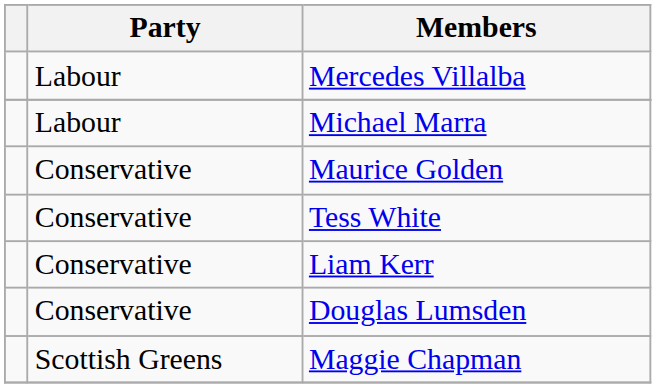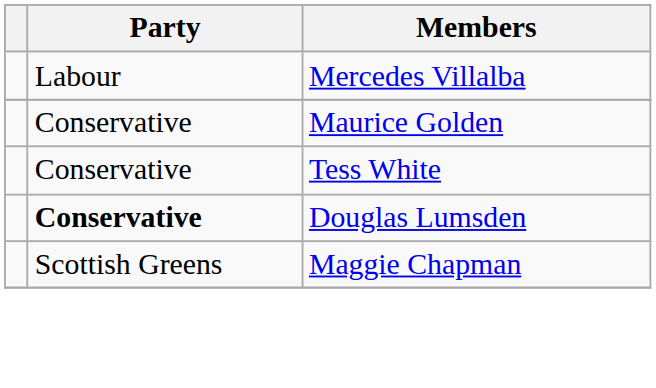 <table class="wikitable">
 <tr>
 <th width="5"></th>
 <th width="140">Party</th>
 <th width="180">Members</th>
 </tr>
 <tr>
 <td></td>
 <td>Labour</td>
 <td><a href='#'>Mercedes Villalba</a></td>
 </tr>
 <tr>
 </tr>
 <tr>
 <td></td>
-<td>Labour</td>
-<td><a href='#'>Michael Marra</a></td>
-</tr>
-<tr>
-<td></td>
 <td>Conservative</td>
 <td><a href='#'>Maurice Golden</a></td>
 </tr>
 <tr>
 <td></td>
 <td>Conservative</td>
 <td><a href='#'>Tess White</a></td>
 </tr>
 <tr>
 <td></td>
-<td>Conservative</td>
-<td><a href='#'>Liam Kerr</a></td>
-</tr>
-<tr>
-<td></td>
-<td>Conservative</td>
+<td><strong>Conservative</strong></td>
 <td><a href='#'>Douglas Lumsden</a></td>
 </tr>
 <tr>
 <td></td>
 <td>Scottish Greens</td>
 <td><a href='#'>Maggie Chapman</a></td>
 </tr>
 <tr>
 </tr>
 </table>
